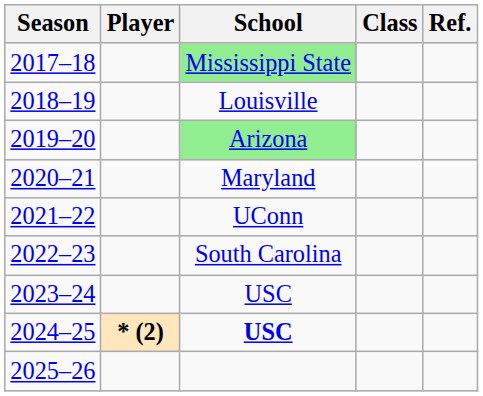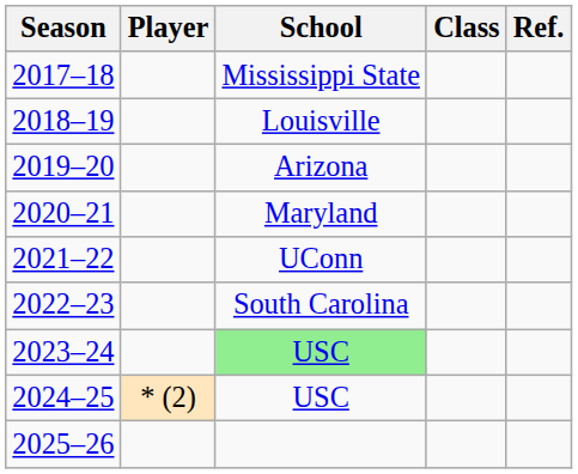 <table class="wikitable sortable" style="text-align:center;">
 <tr>
 <th>Season</th>
 <th>Player</th>
 <th>School</th>
 <th>Class</th>
 <th>Ref.</th>
 </tr>
 <tr>
 <td><a href='#'>2017–18</a></td>
 <td></td>
-<td style="background: lightgreen;"><a href='#'>Mississippi State</a></td>
+<td><a href='#'>Mississippi State</a></td>
 <td></td>
 <td></td>
 </tr>
 <tr>
 <td><a href='#'>2018–19</a></td>
 <td></td>
 <td><a href='#'>Louisville</a></td>
 <td></td>
 <td></td>
 </tr>
 <tr>
 <td><a href='#'>2019–20</a></td>
 <td></td>
-<td style="background: lightgreen;"><a href='#'>Arizona</a></td>
+<td><a href='#'>Arizona</a></td>
 <td></td>
 <td></td>
 </tr>
 <tr>
 <td><a href='#'>2020–21</a></td>
 <td></td>
 <td><a href='#'>Maryland</a></td>
 <td></td>
 <td></td>
 </tr>
 <tr>
 <td><a href='#'>2021–22</a></td>
 <td></td>
 <td><a href='#'>UConn</a></td>
 <td></td>
 <td></td>
 </tr>
 <tr>
 <td><a href='#'>2022–23</a></td>
 <td></td>
 <td><a href='#'>South Carolina</a></td>
 <td></td>
 <td></td>
 </tr>
 <tr>
 <td><a href='#'>2023–24</a></td>
 <td></td>
-<td><a href='#'>USC</a></td>
+<td style="background: lightgreen;"><a href='#'>USC</a></td>
 <td></td>
 </tr>
 <tr>
 <td><a href='#'>2024–25</a></td>
-<td style="background-color:#FFE6BD"><strong>* (2)</strong></td>
-<td><strong><a href='#'>USC</a></strong></td>
+<td style="background-color:#FFE6BD">* (2)</td>
+<td><a href='#'>USC</a></td>
 <td></td>
 <td></td>
 </tr>
 <tr>
 <td><a href='#'>2025–26</a></td>
 <td></td>
 <td></td>
 <td></td>
 </tr>
 </table>
